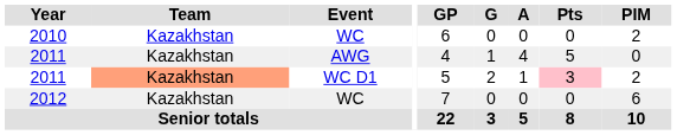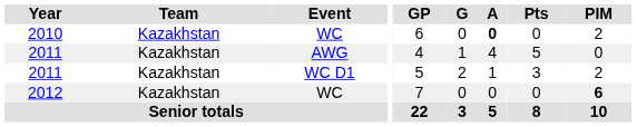 <table border="0" cellpadding="1" cellspacing="0" ID="Table3" style="text-align:center; width:40em">
 <tr ALIGN="center" bgcolor="#e0e0e0">
 <th>Year</th>
 <th>Team</th>
 <th>Event</th>
 <th rowspan="99" bgcolor="#ffffff"></th>
 <th>GP</th>
 <th>G</th>
 <th>A</th>
 <th>Pts</th>
 <th>PIM</th>
 </tr>
 <tr>
 <td><a href='#'>2010</a></td>
 <td><a href='#'>Kazakhstan</a></td>
 <td><a href='#'>WC</a></td>
 <td>6</td>
 <td>0</td>
-<td>0</td>
+<td><strong>0</strong></td>
 <td>0</td>
 <td>2</td>
 </tr>
 <tr bgcolor="#f0f0f0">
 <td><a href='#'>2011</a></td>
 <td>Kazakhstan</td>
 <td><a href='#'>AWG</a></td>
 <td>4</td>
 <td>1</td>
 <td>4</td>
 <td>5</td>
 <td>0</td>
 </tr>
 <tr>
 <td><a href='#'>2011</a></td>
-<td style="background: lightsalmon;">Kazakhstan</td>
+<td>Kazakhstan</td>
 <td><a href='#'>WC D1</a></td>
 <td>5</td>
 <td>2</td>
 <td>1</td>
-<td style="background: pink;">3</td>
+<td>3</td>
 <td>2</td>
 </tr>
 <tr bgcolor="#f0f0f0">
 <td><a href='#'>2012</a></td>
 <td>Kazakhstan</td>
 <td>WC</td>
 <td>7</td>
 <td>0</td>
 <td>0</td>
 <td>0</td>
-<td>6</td>
+<td><strong>6</strong></td>
 </tr>
 <tr bgcolor="#e0e0e0">
 <th colspan="3">Senior totals</th>
 <th>22</th>
 <th>3</th>
 <th>5</th>
 <th>8</th>
 <th>10</th>
 </tr>
 </table>
